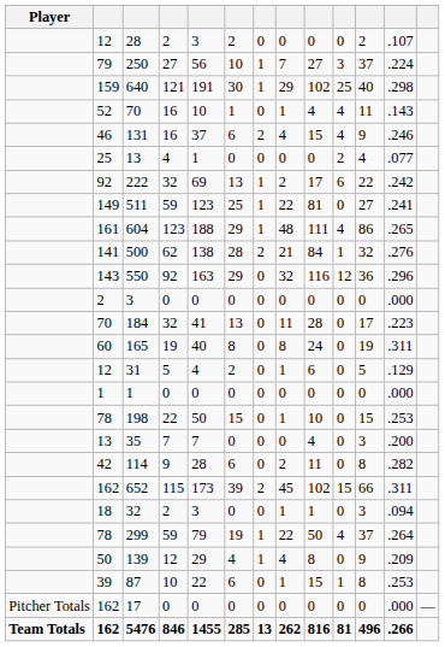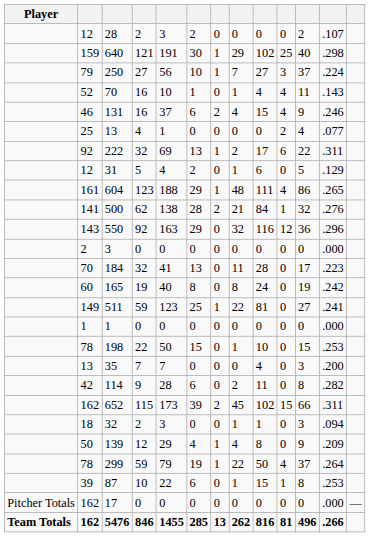 <table class="wikitable sortable">
 <tr>
 <th>Player</th>
 <th></th>
 <th></th>
 <th></th>
 <th></th>
 <th></th>
 <th></th>
 <th></th>
 <th></th>
 <th></th>
 <th></th>
 <th></th>
 <th></th>
 </tr>
 <tr align=left>
 <td></td>
 <td>12</td>
 <td>28</td>
 <td>2</td>
 <td>3</td>
 <td>2</td>
 <td>0</td>
 <td>0</td>
 <td>0</td>
 <td>0</td>
 <td>2</td>
 <td>.107</td>
 <td></td>
 </tr>
 <tr align=left>
 <td></td>
+<td>159</td>
+<td>640</td>
+<td>121</td>
+<td>191</td>
+<td>30</td>
+<td>1</td>
+<td>29</td>
+<td>102</td>
+<td>25</td>
+<td>40</td>
+<td>.298</td>
+<td></td>
+</tr>
+<tr align=left>
+<td></td>
 <td>79</td>
 <td>250</td>
 <td>27</td>
 <td>56</td>
 <td>10</td>
 <td>1</td>
 <td>7</td>
 <td>27</td>
 <td>3</td>
 <td>37</td>
 <td>.224</td>
-<td></td>
-</tr>
-<tr align=left>
-<td></td>
-<td>159</td>
-<td>640</td>
-<td>121</td>
-<td>191</td>
-<td>30</td>
-<td>1</td>
-<td>29</td>
-<td>102</td>
-<td>25</td>
-<td>40</td>
-<td>.298</td>
 <td></td>
 </tr>
 <tr align=left>
 <td></td>
 <td>52</td>
 <td>70</td>
 <td>16</td>
 <td>10</td>
 <td>1</td>
 <td>0</td>
 <td>1</td>
 <td>4</td>
 <td>4</td>
 <td>11</td>
 <td>.143</td>
 <td></td>
 </tr>
 <tr align=left>
 <td></td>
 <td>46</td>
 <td>131</td>
 <td>16</td>
 <td>37</td>
 <td>6</td>
 <td>2</td>
 <td>4</td>
 <td>15</td>
 <td>4</td>
 <td>9</td>
 <td>.246</td>
 <td></td>
 </tr>
 <tr align=left>
 <td></td>
 <td>25</td>
 <td>13</td>
 <td>4</td>
 <td>1</td>
 <td>0</td>
 <td>0</td>
 <td>0</td>
 <td>0</td>
 <td>2</td>
 <td>4</td>
 <td>.077</td>
 <td></td>
 </tr>
 <tr align=left>
 <td></td>
 <td>92</td>
 <td>222</td>
 <td>32</td>
 <td>69</td>
 <td>13</td>
 <td>1</td>
 <td>2</td>
 <td>17</td>
 <td>6</td>
 <td>22</td>
-<td>.242</td>
+<td>.311</td>
 <td></td>
 </tr>
 <tr align=left>
 <td></td>
-<td>149</td>
-<td>511</td>
-<td>59</td>
-<td>123</td>
-<td>25</td>
+<td>12</td>
+<td>31</td>
+<td>5</td>
+<td>4</td>
+<td>2</td>
+<td>0</td>
 <td>1</td>
-<td>22</td>
-<td>81</td>
+<td>6</td>
 <td>0</td>
-<td>27</td>
-<td>.241</td>
+<td>5</td>
+<td>.129</td>
 <td></td>
 </tr>
 <tr align=left>
 <td></td>
 <td>161</td>
 <td>604</td>
 <td>123</td>
 <td>188</td>
 <td>29</td>
 <td>1</td>
 <td>48</td>
 <td>111</td>
 <td>4</td>
 <td>86</td>
 <td>.265</td>
 <td></td>
 </tr>
 <tr align=left>
 <td></td>
 <td>141</td>
 <td>500</td>
 <td>62</td>
 <td>138</td>
 <td>28</td>
 <td>2</td>
 <td>21</td>
 <td>84</td>
 <td>1</td>
 <td>32</td>
 <td>.276</td>
 <td></td>
 </tr>
 <tr align=left>
 <td></td>
 <td>143</td>
 <td>550</td>
 <td>92</td>
 <td>163</td>
 <td>29</td>
 <td>0</td>
 <td>32</td>
 <td>116</td>
 <td>12</td>
 <td>36</td>
 <td>.296</td>
 <td></td>
 </tr>
 <tr align=left>
 <td></td>
 <td>2</td>
 <td>3</td>
 <td>0</td>
 <td>0</td>
 <td>0</td>
 <td>0</td>
 <td>0</td>
 <td>0</td>
 <td>0</td>
 <td>0</td>
 <td>.000</td>
 <td></td>
 </tr>
 <tr align=left>
 <td></td>
 <td>70</td>
 <td>184</td>
 <td>32</td>
 <td>41</td>
 <td>13</td>
 <td>0</td>
 <td>11</td>
 <td>28</td>
 <td>0</td>
 <td>17</td>
 <td>.223</td>
 <td></td>
 </tr>
 <tr align=left>
 <td></td>
 <td>60</td>
 <td>165</td>
 <td>19</td>
 <td>40</td>
 <td>8</td>
 <td>0</td>
 <td>8</td>
 <td>24</td>
 <td>0</td>
 <td>19</td>
-<td>.311</td>
+<td>.242</td>
 <td></td>
 </tr>
 <tr align=left>
 <td></td>
-<td>12</td>
-<td>31</td>
-<td>5</td>
-<td>4</td>
-<td>2</td>
+<td>149</td>
+<td>511</td>
+<td>59</td>
+<td>123</td>
+<td>25</td>
+<td>1</td>
+<td>22</td>
+<td>81</td>
 <td>0</td>
-<td>1</td>
-<td>6</td>
-<td>0</td>
-<td>5</td>
-<td>.129</td>
+<td>27</td>
+<td>.241</td>
 <td></td>
 </tr>
 <tr align=left>
 <td></td>
 <td>1</td>
 <td>1</td>
 <td>0</td>
 <td>0</td>
 <td>0</td>
 <td>0</td>
 <td>0</td>
 <td>0</td>
 <td>0</td>
 <td>0</td>
 <td>.000</td>
 <td></td>
 </tr>
 <tr align=left>
 <td></td>
 <td>78</td>
 <td>198</td>
 <td>22</td>
 <td>50</td>
 <td>15</td>
 <td>0</td>
 <td>1</td>
 <td>10</td>
 <td>0</td>
 <td>15</td>
 <td>.253</td>
 <td></td>
 </tr>
 <tr align=left>
 <td></td>
 <td>13</td>
 <td>35</td>
 <td>7</td>
 <td>7</td>
 <td>0</td>
 <td>0</td>
 <td>0</td>
 <td>4</td>
 <td>0</td>
 <td>3</td>
 <td>.200</td>
 <td></td>
 </tr>
 <tr align=left>
 <td></td>
 <td>42</td>
 <td>114</td>
 <td>9</td>
 <td>28</td>
 <td>6</td>
 <td>0</td>
 <td>2</td>
 <td>11</td>
 <td>0</td>
 <td>8</td>
 <td>.282</td>
 <td></td>
 </tr>
 <tr align=left>
 <td></td>
 <td>162</td>
 <td>652</td>
 <td>115</td>
 <td>173</td>
 <td>39</td>
 <td>2</td>
 <td>45</td>
 <td>102</td>
 <td>15</td>
 <td>66</td>
 <td>.311</td>
 <td></td>
 </tr>
 <tr align=left>
 <td></td>
 <td>18</td>
 <td>32</td>
 <td>2</td>
 <td>3</td>
 <td>0</td>
 <td>0</td>
 <td>1</td>
 <td>1</td>
 <td>0</td>
 <td>3</td>
 <td>.094</td>
 <td></td>
 </tr>
 <tr align=left>
 <td></td>
+<td>50</td>
+<td>139</td>
+<td>12</td>
+<td>29</td>
+<td>4</td>
+<td>1</td>
+<td>4</td>
+<td>8</td>
+<td>0</td>
+<td>9</td>
+<td>.209</td>
+<td></td>
+</tr>
+<tr align=left>
+<td></td>
 <td>78</td>
 <td>299</td>
 <td>59</td>
 <td>79</td>
 <td>19</td>
 <td>1</td>
 <td>22</td>
 <td>50</td>
 <td>4</td>
 <td>37</td>
 <td>.264</td>
-<td></td>
-</tr>
-<tr align=left>
-<td></td>
-<td>50</td>
-<td>139</td>
-<td>12</td>
-<td>29</td>
-<td>4</td>
-<td>1</td>
-<td>4</td>
-<td>8</td>
-<td>0</td>
-<td>9</td>
-<td>.209</td>
 <td></td>
 </tr>
 <tr align=left>
 <td></td>
 <td>39</td>
 <td>87</td>
 <td>10</td>
 <td>22</td>
 <td>6</td>
 <td>0</td>
 <td>1</td>
 <td>15</td>
 <td>1</td>
 <td>8</td>
 <td>.253</td>
 <td></td>
 </tr>
 <tr align=left>
 <td>Pitcher Totals</td>
 <td>162</td>
 <td>17</td>
 <td>0</td>
 <td>0</td>
 <td>0</td>
 <td>0</td>
 <td>0</td>
 <td>0</td>
 <td>0</td>
 <td>0</td>
 <td>.000</td>
 <td>—</td>
 </tr>
 <tr align=left>
 <td><strong>Team Totals</strong></td>
 <td><strong>162</strong></td>
 <td><strong>5476</strong></td>
 <td><strong>846</strong></td>
 <td><strong>1455</strong></td>
 <td><strong>285</strong></td>
 <td><strong>13</strong></td>
 <td><strong>262</strong></td>
 <td><strong>816</strong></td>
 <td><strong>81</strong></td>
 <td><strong>496</strong></td>
 <td><strong>.266</strong></td>
 <td></td>
 </tr>
 </table>
